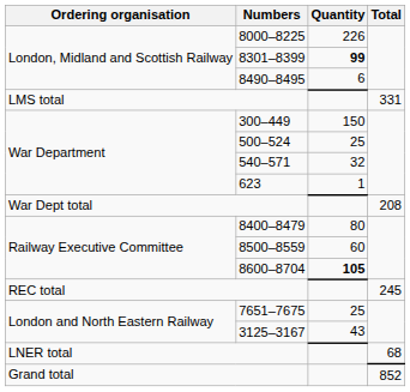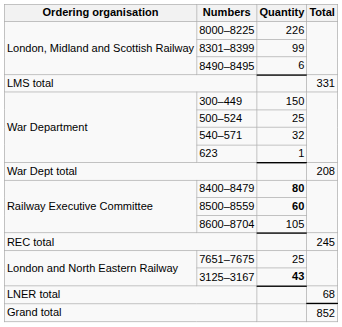 <table class=wikitable>
 <tr>
 <th>Ordering organisation</th>
 <th>Numbers</th>
 <th>Quantity</th>
 <th>Total</th>
 </tr>
 <tr>
 <td rowspan=3>London, Midland and Scottish Railway</td>
 <td>8000–8225</td>
 <td style="text-align:right">226</td>
 <td rowspan=3></td>
 </tr>
 <tr>
 <td>8301–8399</td>
-<td style="text-align:right"><strong>99</strong></td>
+<td style="text-align:right">99</td>
 </tr>
 <tr>
 <td>8490–8495</td>
 <td style="text-align:right">6</td>
 </tr>
 <tr>
 <td colspan=2>LMS total</td>
 <td style="border-top: 2px solid black;"></td>
 <td style="text-align:right">331</td>
 </tr>
 <tr>
 <td rowspan=4>War Department</td>
 <td>300–449</td>
 <td style="text-align:right">150</td>
 <td rowspan=4></td>
 </tr>
 <tr>
 <td>500–524</td>
 <td style="text-align:right">25</td>
 </tr>
 <tr>
 <td>540–571</td>
 <td style="text-align:right">32</td>
 </tr>
 <tr>
 <td>623</td>
 <td style="text-align:right">1</td>
 </tr>
 <tr>
 <td colspan=2>War Dept total</td>
 <td style="border-top: 2px solid black;"></td>
 <td style="text-align:right">208</td>
 </tr>
 <tr>
 <td rowspan=3>Railway Executive Committee</td>
 <td>8400–8479</td>
-<td style="text-align:right">80</td>
+<td style="text-align:right"><strong>80</strong></td>
 <td rowspan=3></td>
 </tr>
 <tr>
 <td>8500–8559</td>
-<td style="text-align:right">60</td>
+<td style="text-align:right"><strong>60</strong></td>
 </tr>
 <tr>
 <td>8600–8704</td>
-<td style="text-align:right"><strong>105</strong></td>
+<td style="text-align:right">105</td>
 </tr>
 <tr>
 <td colspan=2>REC total</td>
 <td style="border-top: 2px solid black;"></td>
 <td style="text-align:right">245</td>
 </tr>
 <tr>
 <td rowspan=2>London and North Eastern Railway</td>
 <td>7651–7675</td>
 <td style="text-align:right">25</td>
 <td rowspan=2></td>
 </tr>
 <tr>
 <td>3125–3167</td>
-<td style="text-align:right">43</td>
+<td style="text-align:right"><strong>43</strong></td>
 </tr>
 <tr>
 <td colspan=2>LNER total</td>
 <td style="border-top: 2px solid black;"></td>
 <td style="text-align:right">68</td>
 </tr>
 <tr>
 <td colspan=2>Grand total</td>
 <td></td>
 <td style="border-top: 2px solid black;text-align:right">852</td>
 </tr>
 </table>
